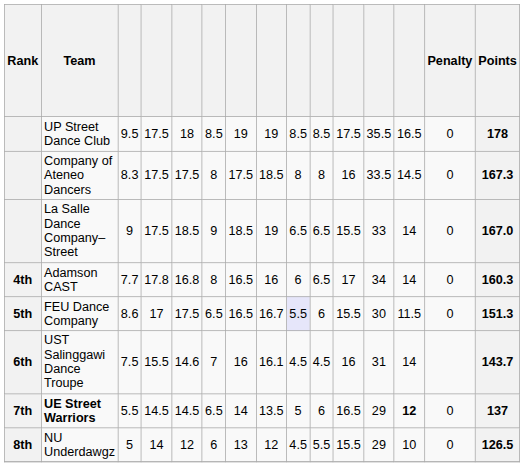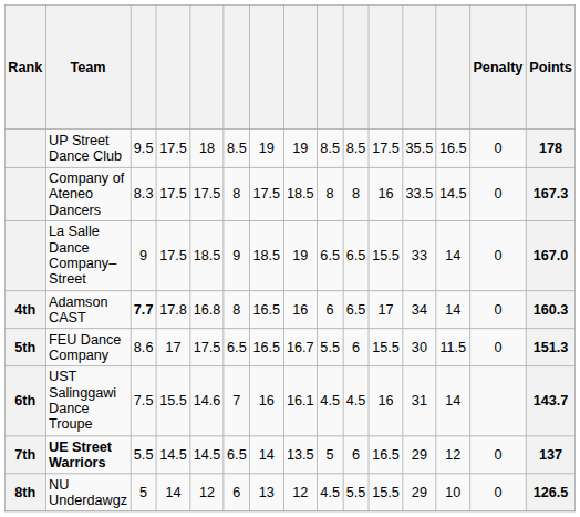 <table class="wikitable sortable" style="text-align:center;">
 <tr>
 <th style="width:30px; height: 135px;">Rank</th>
 <th style="width:210px;">Team</th>
 <th></th>
 <th></th>
 <th></th>
 <th></th>
 <th></th>
 <th></th>
 <th></th>
 <th></th>
 <th></th>
 <th></th>
 <th></th>
 <th>Penalty</th>
 <th>Points</th>
 </tr>
 <tr>
 <th></th>
 <td align=left> UP Street Dance Club</td>
 <td>9.5</td>
 <td>17.5</td>
 <td>18</td>
 <td>8.5</td>
 <td>19</td>
 <td>19</td>
 <td>8.5</td>
 <td>8.5</td>
 <td>17.5</td>
 <td>35.5</td>
 <td>16.5</td>
 <td>0</td>
 <th>178</th>
 </tr>
 <tr>
 <th></th>
 <td align=left> Company of Ateneo Dancers</td>
 <td>8.3</td>
 <td>17.5</td>
 <td>17.5</td>
 <td>8</td>
 <td>17.5</td>
 <td>18.5</td>
 <td>8</td>
 <td>8</td>
 <td>16</td>
 <td>33.5</td>
 <td>14.5</td>
 <td>0</td>
 <th>167.3</th>
 </tr>
 <tr>
 <th></th>
 <td align=left> La Salle Dance Company–Street</td>
 <td>9</td>
 <td>17.5</td>
 <td>18.5</td>
 <td>9</td>
 <td>18.5</td>
 <td>19</td>
 <td>6.5</td>
 <td>6.5</td>
 <td>15.5</td>
 <td>33</td>
 <td>14</td>
 <td>0</td>
 <th>167.0</th>
 </tr>
 <tr>
 <th>4th</th>
 <td align=left> Adamson CAST</td>
-<td>7.7</td>
+<td><strong>7.7</strong></td>
 <td>17.8</td>
 <td>16.8</td>
 <td>8</td>
 <td>16.5</td>
 <td>16</td>
 <td>6</td>
 <td>6.5</td>
 <td>17</td>
 <td>34</td>
 <td>14</td>
 <td>0</td>
 <th>160.3</th>
 </tr>
 <tr>
 <th>5th</th>
 <td align=left> FEU Dance Company</td>
 <td>8.6</td>
 <td>17</td>
 <td>17.5</td>
 <td>6.5</td>
 <td>16.5</td>
 <td>16.7</td>
-<td style="background: lavender;">5.5</td>
+<td>5.5</td>
 <td>6</td>
 <td>15.5</td>
 <td>30</td>
 <td>11.5</td>
 <td>0</td>
 <th>151.3</th>
 </tr>
 <tr>
 <th>6th</th>
 <td align=left> UST Salinggawi Dance Troupe</td>
 <td>7.5</td>
 <td>15.5</td>
 <td>14.6</td>
 <td>7</td>
 <td>16</td>
 <td>16.1</td>
 <td>4.5</td>
 <td>4.5</td>
 <td>16</td>
 <td>31</td>
 <td>14</td>
 <td></td>
 <th>143.7</th>
 </tr>
 <tr>
 <th>7th</th>
 <td align=left> <strong>UE Street Warriors</strong></td>
 <td>5.5</td>
 <td>14.5</td>
 <td>14.5</td>
 <td>6.5</td>
 <td>14</td>
 <td>13.5</td>
 <td>5</td>
 <td>6</td>
 <td>16.5</td>
 <td>29</td>
-<td><strong>12</strong></td>
+<td>12</td>
 <td>0</td>
 <th>137</th>
 </tr>
 <tr>
 <th>8th</th>
 <td align=left> NU Underdawgz</td>
 <td>5</td>
 <td>14</td>
 <td>12</td>
 <td>6</td>
 <td>13</td>
 <td>12</td>
 <td>4.5</td>
 <td>5.5</td>
 <td>15.5</td>
 <td>29</td>
 <td>10</td>
 <td>0</td>
 <th>126.5</th>
 </tr>
 <tr>
 </tr>
 </table>
